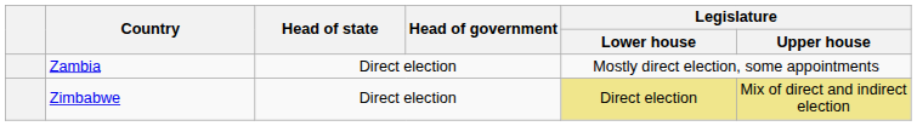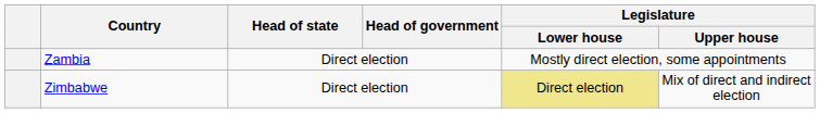 <table class="wikitable" style="text-align:center">
 <tr>
 <th width=35 rowspan=2></th>
 <th width=210 rowspan=2>Country</th>
 <th width=150 rowspan=2>Head of state</th>
 <th rowspan="2">Head of government</th>
 <th colspan=2>Legislature</th>
 </tr>
 <tr>
 <th width=175>Lower house</th>
 <th width=175>Upper house</th>
 </tr>
 <tr>
 <th></th>
 <td style="text-align:left"><a href='#'>Zambia</a></td>
 <td colspan="2">Direct election</td>
 <td colspan="2">Mostly direct election, some appointments</td>
 </tr>
 <tr>
 <th></th>
 <td style="text-align:left"><a href='#'>Zimbabwe</a></td>
 <td colspan="2">Direct election</td>
 <td style="background: khaki;">Direct election</td>
-<td style="background: khaki;">Mix of direct and indirect election</td>
+<td>Mix of direct and indirect election</td>
 </tr>
 </table>
